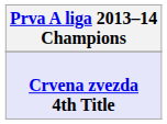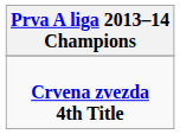 <table class="wikitable" style="text-align: center; margin: 0 auto;">
 <tr>
 <th><a href='#'>Prva A liga</a> 2013–14<br>Champions</th>
 </tr>
 <tr>
 </tr>
 <tr>
-<td style="background: lavender;"><br><strong><a href='#'>Crvena zvezda</a></strong><br><strong>4th Title</strong></td>
+<td><br><strong><a href='#'>Crvena zvezda</a></strong><br><strong>4th Title</strong></td>
 </tr>
 </table>
